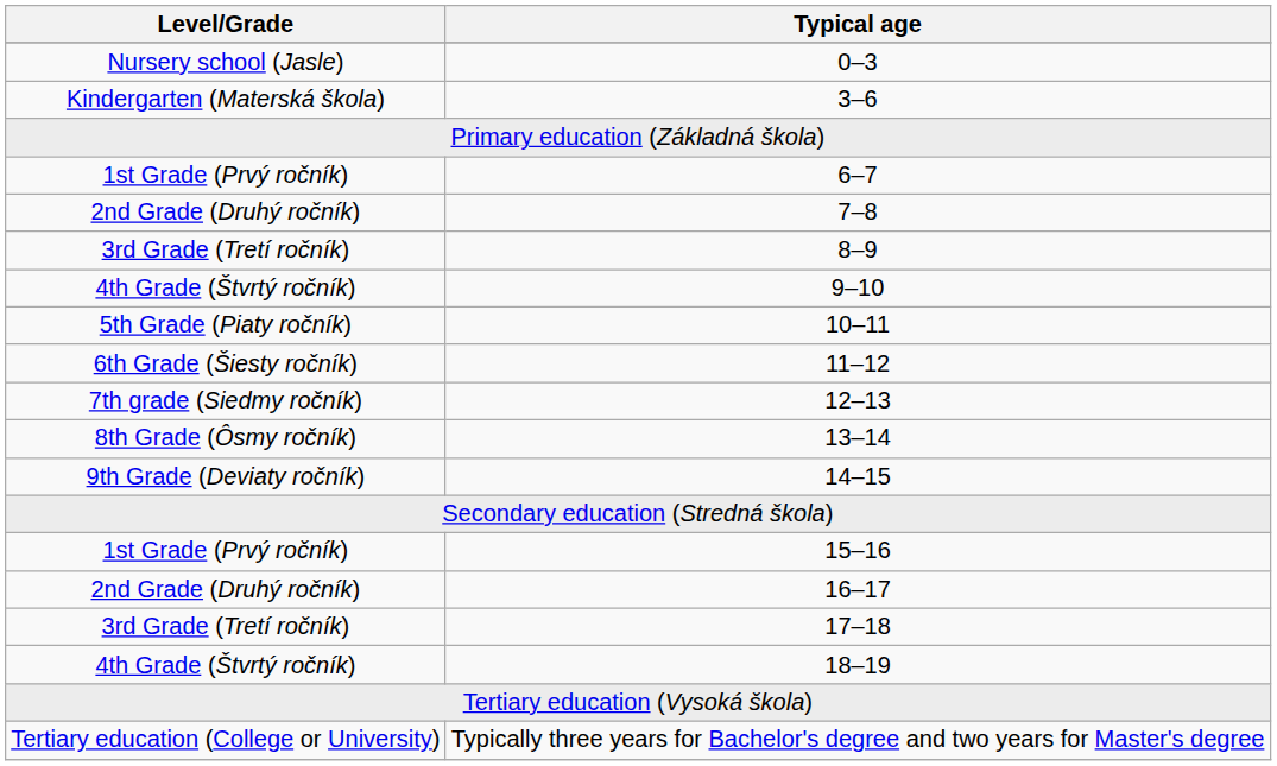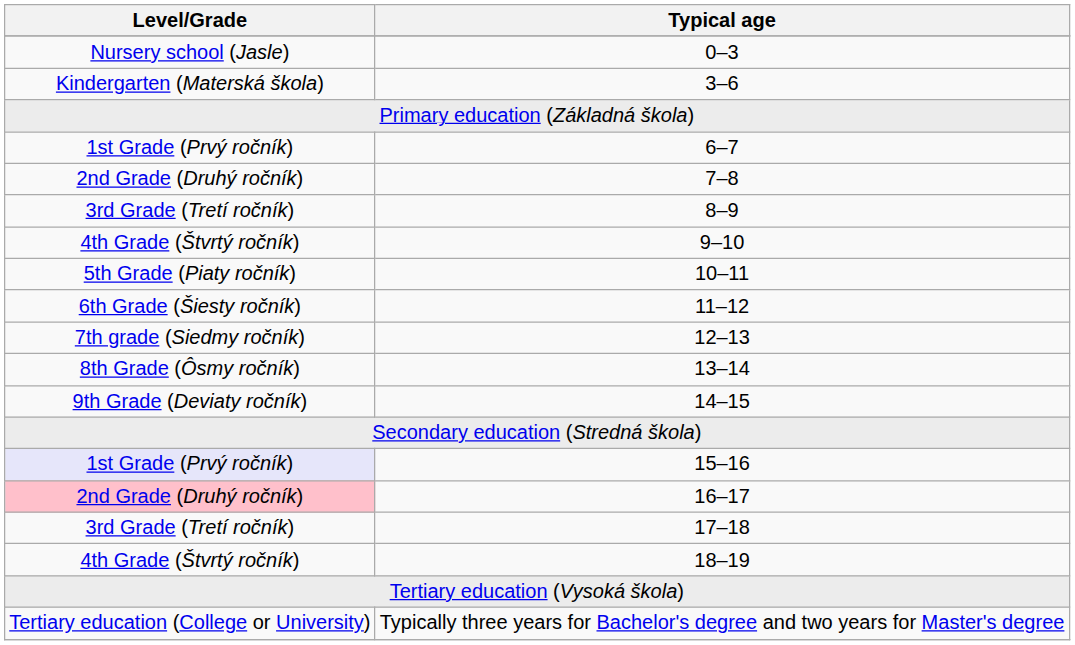 <table class="wikitable" style="text-align:center;">
 <tr>
 <th>Level/Grade</th>
 <th>Typical age</th>
 </tr>
 <tr style="background:#ececec;" | colspan=2 | >
 </tr>
 <tr>
 <td><a href='#'>Nursery school</a> (<em>Jasle</em>)</td>
 <td>0–3</td>
 </tr>
 <tr>
 <td><a href='#'>Kindergarten</a> (<em>Materská škola</em>)</td>
 <td>3–6</td>
 </tr>
 <tr style="background:#ececec;">
 <td colspan=2><a href='#'>Primary education</a> (<em>Základná škola</em>)</td>
 </tr>
 <tr>
 <td><a href='#'>1st Grade</a> (<em>Prvý ročník</em>)</td>
 <td>6–7</td>
 </tr>
 <tr>
 <td><a href='#'>2nd Grade</a> (<em>Druhý ročník</em>)</td>
 <td>7–8</td>
 </tr>
 <tr>
 <td><a href='#'>3rd Grade</a> (<em>Tretí ročník</em>)</td>
 <td>8–9</td>
 </tr>
 <tr>
 <td><a href='#'>4th Grade</a> (<em>Štvrtý ročník</em>)</td>
 <td>9–10</td>
 </tr>
 <tr>
 <td><a href='#'>5th Grade</a> (<em>Piaty ročník</em>)</td>
 <td>10–11</td>
 </tr>
 <tr>
 <td><a href='#'>6th Grade</a> (<em>Šiesty ročník</em>)</td>
 <td>11–12</td>
 </tr>
 <tr>
 <td><a href='#'>7th grade</a> (<em>Siedmy ročník</em>)</td>
 <td>12–13</td>
 </tr>
 <tr>
 <td><a href='#'>8th Grade</a> (<em>Ôsmy ročník</em>)</td>
 <td>13–14</td>
 </tr>
 <tr>
 <td><a href='#'>9th Grade</a> (<em>Deviaty ročník</em>)</td>
 <td>14–15</td>
 </tr>
 <tr style="background:#ececec;">
 <td colspan=2><a href='#'>Secondary education</a> (<em>Stredná škola</em>)</td>
 </tr>
 <tr>
-<td><a href='#'>1st Grade</a> (<em>Prvý ročník</em>)</td>
+<td style="background: lavender;"><a href='#'>1st Grade</a> (<em>Prvý ročník</em>)</td>
 <td>15–16</td>
 </tr>
 <tr>
-<td><a href='#'>2nd Grade</a> (<em>Druhý ročník</em>)</td>
+<td style="background: pink;"><a href='#'>2nd Grade</a> (<em>Druhý ročník</em>)</td>
 <td>16–17</td>
 </tr>
 <tr>
 <td><a href='#'>3rd Grade</a> (<em>Tretí ročník</em>)</td>
 <td>17–18</td>
 </tr>
 <tr>
 <td><a href='#'>4th Grade</a> (<em>Štvrtý ročník</em>)</td>
 <td>18–19</td>
 </tr>
 <tr style="background:#ececec;">
 <td colspan=2><a href='#'>Tertiary education</a> (<em>Vysoká škola</em>)</td>
 </tr>
 <tr>
 <td><a href='#'>Tertiary education</a> (<a href='#'>College</a> or <a href='#'>University</a>)</td>
 <td>Typically three years for <a href='#'>Bachelor's degree</a> and two years for <a href='#'>Master's degree</a></td>
 </tr>
 <tr>
 </tr>
 </table>
